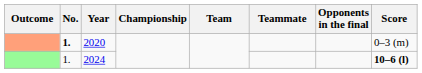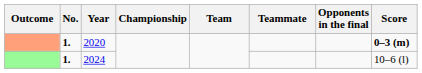 <table class="sortable wikitable">
 <tr>
 <th style="width:80px;">Outcome</th>
 <th style="width:20px;">No.</th>
 <th style="width:50px;">Year</th>
 <th style="width:60px;">Championship</th>
 <th style="width:100px;">Team</th>
 <th style="width:100px;">Teammate</th>
 <th style="width:60px;">Opponents in the final</th>
 <th style="width:70px;">Score</th>
 </tr>
 <tr style=>
 <td style="background:#ffa07a;"></td>
 <td><strong>1.</strong></td>
 <td><a href='#'>2020</a></td>
 <td rowspan="2"></td>
 <td rowspan="2"></td>
 <td></td>
 <td></td>
-<td>0–3 (m)</td>
+<td><strong>0–3 (m)</strong></td>
 </tr>
 <tr style=>
 <td style="background:#98FB98"></td>
-<td>1.</td>
+<td><strong>1.</strong></td>
 <td><a href='#'>2024</a></td>
 <td></td>
 <td></td>
-<td><strong>10–6 (l)</strong></td>
+<td>10–6 (l)</td>
 </tr>
 </table>
